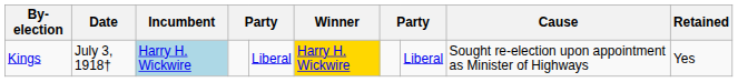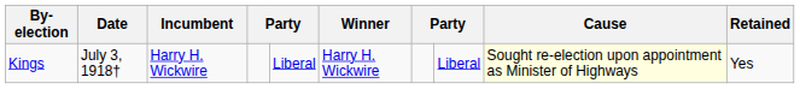 <table class=wikitable style="width:100%">
 <tr>
 <th>By-election</th>
 <th>Date</th>
 <th>Incumbent</th>
 <th colspan=2>Party</th>
 <th>Winner</th>
 <th colspan=2>Party</th>
 <th>Cause</th>
 <th>Retained</th>
 </tr>
 <tr>
 <td><a href='#'>Kings</a></td>
 <td>July 3, 1918†</td>
-<td style="background: lightblue;"><a href='#'>Harry H. Wickwire</a></td>
+<td><a href='#'>Harry H. Wickwire</a></td>
 <td>    </td>
 <td><a href='#'>Liberal</a></td>
-<td style="background: gold;"><a href='#'>Harry H. Wickwire</a></td>
+<td><a href='#'>Harry H. Wickwire</a></td>
 <td>    </td>
 <td><a href='#'>Liberal</a></td>
-<td>Sought re-election upon appointment as Minister of Highways</td>
+<td style="background: lightyellow;">Sought re-election upon appointment as Minister of Highways</td>
 <td>Yes</td>
 </tr>
 </table>
